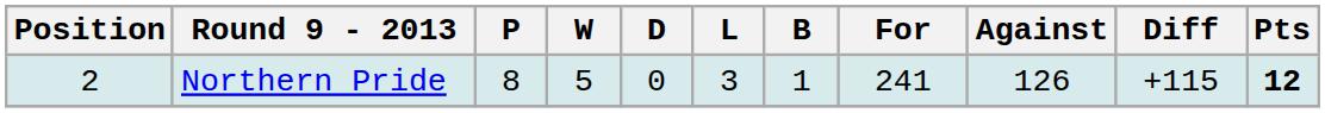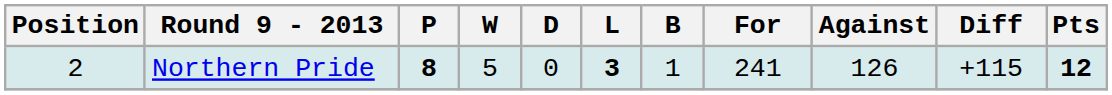 <table class="wikitable" style="text-align:center; font-size:85%;">
 <tr>
 <th width=40 abbr="Position">Position</th>
 <th width=100>Round 9 - 2013</th>
 <th width=20 abbr="Played">P</th>
 <th width=20 abbr="Won">W</th>
 <th width=20 abbr="Drawn">D</th>
 <th width=20 abbr="Lost">L</th>
 <th width=20 abbr="Bye">B</th>
 <th width=40 abbr="Points for">For</th>
 <th width=40 abbr="Points against">Against</th>
 <th width=40 abbr="Points difference">Diff</th>
 <th width=20 abbr="Points">Pts</th>
 </tr>
 <tr style="background: #d7ebed;">
 <td>2</td>
 <td style="text-align:left;"> <a href='#'>Northern Pride</a></td>
-<td>8</td>
+<td><strong>8</strong></td>
 <td>5</td>
 <td>0</td>
-<td>3</td>
+<td><strong>3</strong></td>
 <td>1</td>
 <td>241</td>
 <td>126</td>
 <td>+115</td>
 <td><strong>12</strong></td>
 </tr>
 <tr>
 </tr>
 </table>
